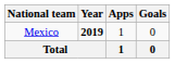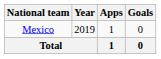 <table class="wikitable" style="text-align: center;">
 <tr>
 <th>National team</th>
 <th>Year</th>
 <th>Apps</th>
 <th>Goals</th>
 </tr>
 <tr>
 <td rowspan="1" valign="center"><a href='#'>Mexico</a></td>
-<td><strong>2019</strong></td>
+<td>2019</td>
 <td>1</td>
 <td>0</td>
 </tr>
 <tr>
 <th colspan="2">Total</th>
 <th>1</th>
 <th>0</th>
 </tr>
 </table>
